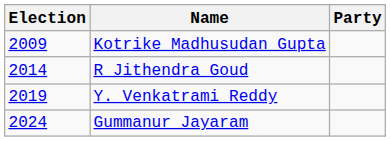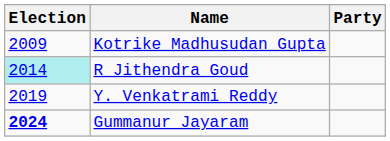 <table class="wikitable sortable">
 <tr>
 <th>Election</th>
 <th>Name</th>
 <th colspan=2>Party</th>
 </tr>
 <tr>
 <td><a href='#'>2009</a></td>
 <td><a href='#'>Kotrike Madhusudan Gupta</a></td>
 <td></td>
 </tr>
 <tr>
-<td><a href='#'>2014</a></td>
+<td style="background: paleturquoise;"><a href='#'>2014</a></td>
 <td><a href='#'>R Jithendra Goud</a></td>
 <td></td>
 </tr>
 <tr>
 <td><a href='#'>2019</a></td>
 <td><a href='#'>Y. Venkatrami Reddy</a></td>
 <td></td>
 </tr>
 <tr>
-<td><a href='#'>2024</a></td>
+<td><strong><a href='#'>2024</a></strong></td>
 <td><a href='#'>Gummanur Jayaram</a></td>
 <td></td>
 </tr>
 </table>
